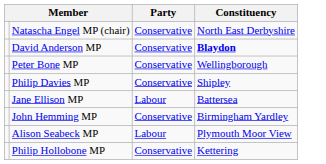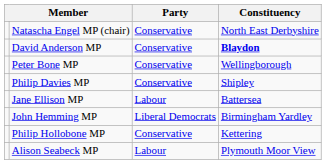 <table class="wikitable">
 <tr>
 <th colspan="2" valign="top">Member</th>
 <th valign="top">Party</th>
 <th valign="top">Constituency</th>
 </tr>
 <tr>
 <td style="color:inherit;background:"></td>
 <td><a href='#'>Natascha Engel</a> MP (chair)</td>
 <td><a href='#'>Conservative</a></td>
 <td><a href='#'>North East Derbyshire</a></td>
 </tr>
 <tr>
 <td style="color:inherit;background:"></td>
 <td><a href='#'>David Anderson</a> MP</td>
 <td><a href='#'>Conservative</a></td>
 <td><strong><a href='#'>Blaydon</a></strong></td>
 </tr>
 <tr>
 <td style="color:inherit;background:"></td>
 <td><a href='#'>Peter Bone</a> MP</td>
 <td><a href='#'>Conservative</a></td>
 <td><a href='#'>Wellingborough</a></td>
 </tr>
 <tr>
 <td style="color:inherit;background:"></td>
 <td><a href='#'>Philip Davies</a> MP</td>
 <td><a href='#'>Conservative</a></td>
 <td><a href='#'>Shipley</a></td>
 </tr>
 <tr>
 <td style="color:inherit;background:"></td>
 <td><a href='#'>Jane Ellison</a> MP</td>
 <td><a href='#'>Labour</a></td>
 <td><a href='#'>Battersea</a></td>
 </tr>
 <tr>
 <td style="color:inherit;background:"></td>
 <td><a href='#'>John Hemming</a> MP</td>
+<td><a href='#'>Liberal Democrats</a></td>
+<td><a href='#'>Birmingham Yardley</a></td>
+</tr>
+<tr>
+<td style="color:inherit;background:"></td>
+<td><a href='#'>Philip Hollobone</a> MP</td>
 <td><a href='#'>Conservative</a></td>
-<td><a href='#'>Birmingham Yardley</a></td>
+<td><a href='#'>Kettering</a></td>
 </tr>
 <tr>
 <td style="color:inherit;background:"></td>
 <td><a href='#'>Alison Seabeck</a> MP</td>
 <td><a href='#'>Labour</a></td>
 <td><a href='#'>Plymouth Moor View</a></td>
 </tr>
-<tr>
-<td style="color:inherit;background:"></td>
-<td><a href='#'>Philip Hollobone</a> MP</td>
-<td><a href='#'>Conservative</a></td>
-<td><a href='#'>Kettering</a></td>
-</tr>
 </table>
